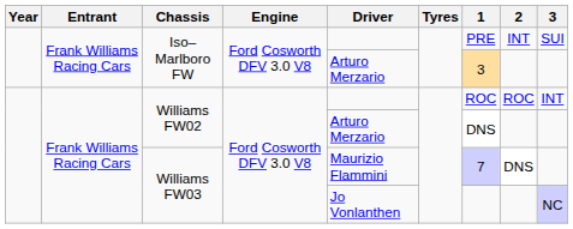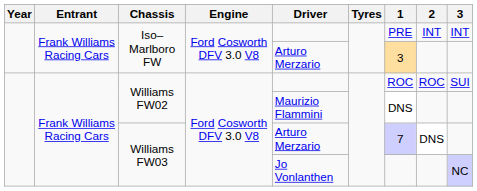 <table class="wikitable" style="text-align:center; font-size:95%">
 <tr>
 <th>Year</th>
 <th>Entrant</th>
 <th>Chassis</th>
 <th>Engine</th>
 <th>Driver</th>
 <th>Tyres</th>
 <th>1</th>
 <th>2</th>
 <th>3</th>
 </tr>
 <tr>
 <td rowspan="2"></td>
 <td rowspan="2"><a href='#'>Frank Williams Racing Cars</a></td>
 <td rowspan="2">Iso–Marlboro FW</td>
 <td rowspan="2"><a href='#'>Ford</a> <a href='#'>Cosworth DFV</a> 3.0 <a href='#'>V8</a></td>
 <td></td>
 <td rowspan="2"></td>
 <td><a href='#'>PRE</a></td>
 <td><a href='#'>INT</a></td>
-<td><a href='#'>SUI</a></td>
+<td><a href='#'>INT</a></td>
 </tr>
 <tr>
 <td align="left"><a href='#'>Arturo Merzario</a></td>
 <td style="background:#FFDF9F;">3</td>
 <td></td>
 <td></td>
 </tr>
 <tr>
 <td rowspan="4"></td>
 <td rowspan="4"><a href='#'>Frank Williams Racing Cars</a></td>
 <td rowspan="2">Williams FW02</td>
 <td rowspan="4"><a href='#'>Ford</a> <a href='#'>Cosworth DFV</a> 3.0 <a href='#'>V8</a></td>
 <td></td>
 <td rowspan="4"></td>
 <td><a href='#'>ROC</a></td>
 <td><a href='#'>ROC</a></td>
-<td><a href='#'>INT</a></td>
+<td><a href='#'>SUI</a></td>
 </tr>
 <tr>
-<td align="left"><a href='#'>Arturo Merzario</a></td>
+<td align="left"><a href='#'>Maurizio Flammini</a></td>
 <td style="background:#FFFFFF;">DNS</td>
 <td></td>
 <td></td>
 </tr>
 <tr>
 <td rowspan="2">Williams FW03</td>
-<td align="left"><a href='#'>Maurizio Flammini</a></td>
+<td align="left"><a href='#'>Arturo Merzario</a></td>
 <td style="background:#CFCFFF;">7</td>
 <td style="background:#FFFFFF;">DNS</td>
 <td></td>
 </tr>
 <tr>
 <td align="left"><a href='#'>Jo Vonlanthen</a></td>
 <td></td>
 <td></td>
 <td style="background:#CFCFFF;">NC</td>
 </tr>
 </table>
